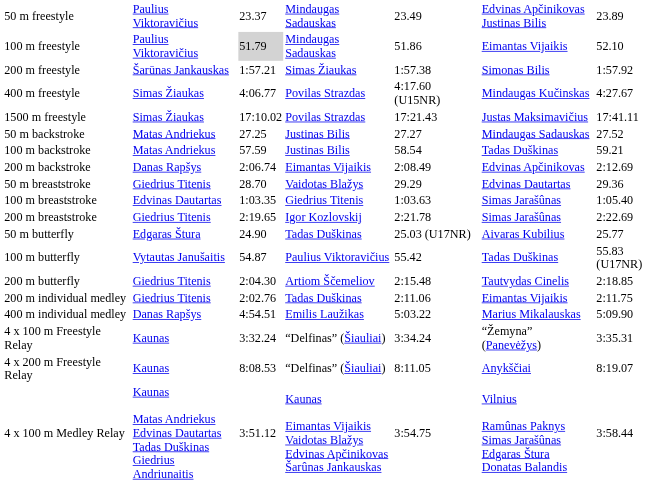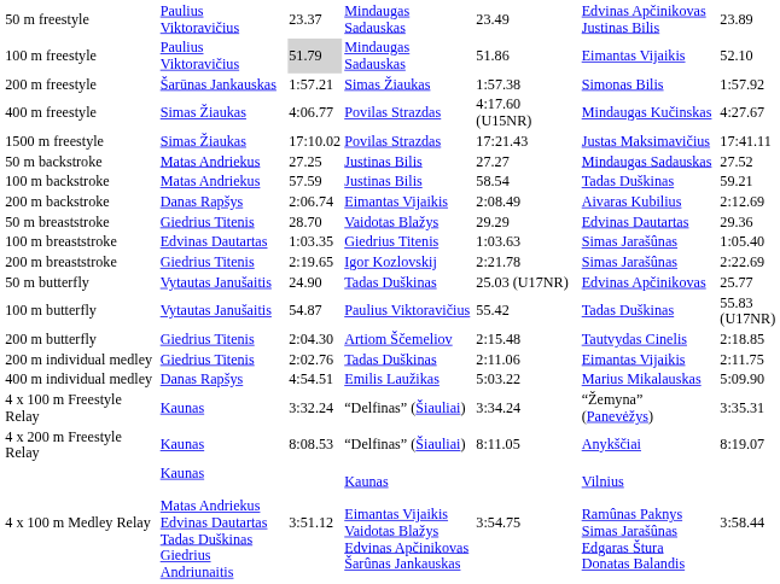 <table>
 <tr>
 <td>50 m freestyle</td>
 <td><a href='#'>Paulius Viktoravičius</a></td>
 <td>23.37</td>
 <td><a href='#'>Mindaugas Sadauskas</a></td>
 <td>23.49</td>
 <td><a href='#'>Edvinas Apčinikovas</a> <br> <a href='#'>Justinas Bilis</a></td>
 <td>23.89</td>
 </tr>
 <tr>
 <td>100 m freestyle</td>
 <td><a href='#'>Paulius Viktoravičius</a></td>
 <td style="background: lightgrey;">51.79</td>
 <td><a href='#'>Mindaugas Sadauskas</a></td>
 <td>51.86</td>
 <td><a href='#'>Eimantas Vijaikis</a></td>
 <td>52.10</td>
 </tr>
 <tr>
 <td>200 m freestyle</td>
 <td><a href='#'>Šarūnas Jankauskas</a></td>
 <td>1:57.21</td>
 <td><a href='#'>Simas Žiaukas</a></td>
 <td>1:57.38</td>
 <td><a href='#'>Simonas Bilis</a></td>
 <td>1:57.92</td>
 </tr>
 <tr>
 <td>400 m freestyle</td>
 <td><a href='#'>Simas Žiaukas</a></td>
 <td>4:06.77</td>
 <td><a href='#'>Povilas Strazdas</a></td>
 <td>4:17.60 (U15NR)</td>
 <td><a href='#'>Mindaugas Kučinskas</a></td>
 <td>4:27.67</td>
 </tr>
 <tr>
 <td>1500 m freestyle</td>
 <td><a href='#'>Simas Žiaukas</a></td>
 <td>17:10.02</td>
 <td><a href='#'>Povilas Strazdas</a></td>
 <td>17:21.43</td>
 <td><a href='#'>Justas Maksimavičius</a></td>
 <td>17:41.11</td>
 </tr>
 <tr>
 <td>50 m backstroke</td>
 <td><a href='#'>Matas Andriekus</a></td>
 <td>27.25</td>
 <td><a href='#'>Justinas Bilis</a></td>
 <td>27.27</td>
 <td><a href='#'>Mindaugas Sadauskas</a></td>
 <td>27.52</td>
 </tr>
 <tr>
 <td>100 m backstroke</td>
 <td><a href='#'>Matas Andriekus</a></td>
 <td>57.59</td>
 <td><a href='#'>Justinas Bilis</a></td>
 <td>58.54</td>
 <td><a href='#'>Tadas Duškinas</a></td>
 <td>59.21</td>
 </tr>
 <tr>
 <td>200 m backstroke</td>
 <td><a href='#'>Danas Rapšys</a></td>
 <td>2:06.74</td>
 <td><a href='#'>Eimantas Vijaikis</a></td>
 <td>2:08.49</td>
-<td><a href='#'>Edvinas Apčinikovas</a></td>
+<td><a href='#'>Aivaras Kubilius</a></td>
 <td>2:12.69</td>
 </tr>
 <tr>
 <td>50 m breaststroke</td>
 <td><a href='#'>Giedrius Titenis</a></td>
 <td>28.70</td>
 <td><a href='#'>Vaidotas Blažys</a></td>
 <td>29.29</td>
 <td><a href='#'>Edvinas Dautartas</a></td>
 <td>29.36</td>
 </tr>
 <tr>
 <td>100 m breaststroke</td>
 <td><a href='#'>Edvinas Dautartas</a></td>
 <td>1:03.35</td>
 <td><a href='#'>Giedrius Titenis</a></td>
 <td>1:03.63</td>
 <td><a href='#'>Simas Jarašûnas</a></td>
 <td>1:05.40</td>
 </tr>
 <tr>
 <td>200 m breaststroke</td>
 <td><a href='#'>Giedrius Titenis</a></td>
 <td>2:19.65</td>
 <td><a href='#'>Igor Kozlovskij</a></td>
 <td>2:21.78</td>
 <td><a href='#'>Simas Jarašûnas</a></td>
 <td>2:22.69</td>
 </tr>
 <tr>
 <td>50 m butterfly</td>
-<td><a href='#'>Edgaras Štura</a></td>
+<td><a href='#'>Vytautas Janušaitis</a></td>
 <td>24.90</td>
 <td><a href='#'>Tadas Duškinas</a></td>
 <td>25.03 (U17NR)</td>
-<td><a href='#'>Aivaras Kubilius</a></td>
+<td><a href='#'>Edvinas Apčinikovas</a></td>
 <td>25.77</td>
 </tr>
 <tr>
 <td>100 m butterfly</td>
 <td><a href='#'>Vytautas Janušaitis</a></td>
 <td>54.87</td>
 <td><a href='#'>Paulius Viktoravičius</a></td>
 <td>55.42</td>
 <td><a href='#'>Tadas Duškinas</a></td>
 <td>55.83 (U17NR)</td>
 </tr>
 <tr>
 <td>200 m butterfly</td>
 <td><a href='#'>Giedrius Titenis</a></td>
 <td>2:04.30</td>
 <td><a href='#'>Artiom Ščemeliov</a></td>
 <td>2:15.48</td>
 <td><a href='#'>Tautvydas Cinelis</a></td>
 <td>2:18.85</td>
 </tr>
 <tr>
 <td>200 m individual medley</td>
 <td><a href='#'>Giedrius Titenis</a></td>
 <td>2:02.76</td>
 <td><a href='#'>Tadas Duškinas</a></td>
 <td>2:11.06</td>
 <td><a href='#'>Eimantas Vijaikis</a></td>
 <td>2:11.75</td>
 </tr>
 <tr>
 <td>400 m individual medley</td>
 <td><a href='#'>Danas Rapšys</a></td>
 <td>4:54.51</td>
 <td><a href='#'>Emilis Laužikas</a></td>
 <td>5:03.22</td>
 <td><a href='#'>Marius Mikalauskas</a></td>
 <td>5:09.90</td>
 </tr>
 <tr>
 <td>4 x 100 m Freestyle Relay</td>
 <td><a href='#'>Kaunas</a></td>
 <td>3:32.24</td>
 <td>“Delfinas” (<a href='#'>Šiauliai</a>)</td>
 <td>3:34.24</td>
 <td>“Žemyna” (<a href='#'>Panevėžys</a>)</td>
 <td>3:35.31</td>
 </tr>
 <tr>
 <td>4 x 200 m Freestyle Relay</td>
 <td><a href='#'>Kaunas</a></td>
 <td>8:08.53</td>
 <td>“Delfinas” (<a href='#'>Šiauliai</a>)</td>
 <td>8:11.05</td>
 <td><a href='#'>Anykščiai</a></td>
 <td>8:19.07</td>
 </tr>
 <tr>
 <td>4 x 100 m Medley Relay</td>
 <td><a href='#'>Kaunas</a> <br><br><a href='#'>Matas Andriekus</a> <br> <a href='#'>Edvinas Dautartas</a> <br> <a href='#'>Tadas Duškinas</a> <br> <a href='#'>Giedrius Andriunaitis</a></td>
 <td>3:51.12</td>
 <td><a href='#'>Kaunas</a> <br><br><a href='#'>Eimantas Vijaikis</a> <br> <a href='#'>Vaidotas Blažys</a> <br> <a href='#'>Edvinas Apčinikovas</a> <br> <a href='#'>Šarûnas Jankauskas</a></td>
 <td>3:54.75</td>
 <td><a href='#'>Vilnius</a> <br><br><a href='#'>Ramûnas Paknys</a> <br> <a href='#'>Simas Jarašûnas</a> <br> <a href='#'>Edgaras Štura</a> <br> <a href='#'>Donatas Balandis</a></td>
 <td>3:58.44</td>
 </tr>
 </table>
